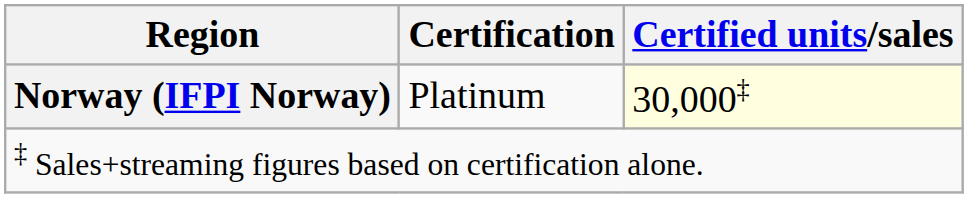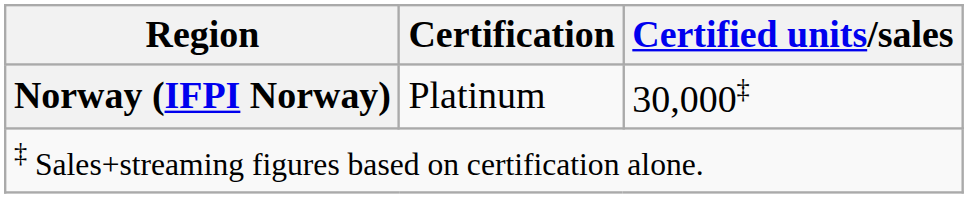 <table class="wikitable sortable plainrowheaders">
 <tr>
 <th>Region</th>
 <th>Certification</th>
 <th><a href='#'>Certified units</a>/sales</th>
 </tr>
 <tr>
 <th scope="row">Norway (<a href='#'>IFPI</a> Norway)</th>
 <td>Platinum</td>
-<td style="background: lightyellow;">30,000<small><sup>‡</sup></small></td>
+<td>30,000<small><sup>‡</sup></small></td>
 </tr>
 <tr>
 <td colspan="3"><small><sup>‡</sup> Sales+streaming figures based on certification alone.</small></td>
 </tr>
 </table>
